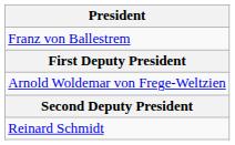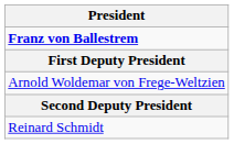 <table class="wikitable">
 <tr>
 <th>President</th>
 </tr>
 <tr>
-<td><a href='#'>Franz von Ballestrem</a></td>
+<td><strong><a href='#'>Franz von Ballestrem</a></strong></td>
 </tr>
 <tr>
 <th>First Deputy President</th>
 </tr>
 <tr>
 <td><a href='#'>Arnold Woldemar von Frege-Weltzien</a></td>
 </tr>
 <tr>
 <th>Second Deputy President</th>
 </tr>
 <tr>
 <td><a href='#'>Reinard Schmidt</a></td>
 </tr>
 </table>
